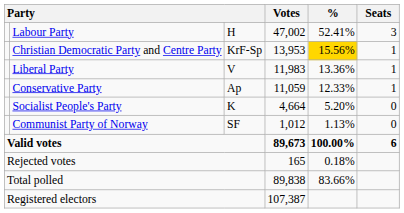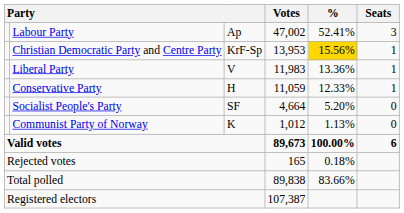 <table class="wikitable" border="1" style="text-align:right;">
 <tr>
 <th style="text-align:left;" colspan=3>Party</th>
 <th align=center width="50">Votes</th>
 <th align=center width="50">%</th>
 <th align=center width="50">Seats</th>
 </tr>
 <tr>
 <td style="color:inherit;background:"></td>
 <td align=left><a href='#'>Labour Party</a></td>
-<td align=left>H</td>
+<td align=left>Ap</td>
 <td>47,002</td>
 <td>52.41%</td>
 <td>3</td>
 </tr>
 <tr>
 <td></td>
 <td align=left><a href='#'>Christian Democratic Party</a> and <a href='#'>Centre Party</a></td>
 <td align=left>KrF-Sp</td>
 <td>13,953</td>
 <td style="background: gold;">15.56%</td>
 <td>1</td>
 </tr>
 <tr>
 <td style="color:inherit;background:"></td>
 <td align=left><a href='#'>Liberal Party</a></td>
 <td align=left>V</td>
 <td>11,983</td>
 <td>13.36%</td>
 <td>1</td>
 </tr>
 <tr>
 <td style="color:inherit;background:"></td>
 <td align=left><a href='#'>Conservative Party</a></td>
-<td align=left>Ap</td>
+<td align=left>H</td>
 <td>11,059</td>
 <td>12.33%</td>
 <td>1</td>
 </tr>
 <tr>
 <td style="color:inherit;background:"></td>
 <td align=left><a href='#'>Socialist People's Party</a></td>
-<td align=left>K</td>
+<td align=left>SF</td>
 <td>4,664</td>
 <td>5.20%</td>
 <td>0</td>
 </tr>
 <tr>
 <td style="color:inherit;background:"></td>
 <td align=left><a href='#'>Communist Party of Norway</a></td>
-<td align=left>SF</td>
+<td align=left>K</td>
 <td>1,012</td>
 <td>1.13%</td>
 <td>0</td>
 </tr>
 <tr style="font-weight:bold">
 <td align=left colspan=3>Valid votes</td>
 <td>89,673</td>
 <td>100.00%</td>
 <td>6</td>
 </tr>
 <tr>
 <td align=left colspan=3>Rejected votes</td>
 <td>165</td>
 <td>0.18%</td>
 <td></td>
 </tr>
 <tr>
 <td align=left colspan=3>Total polled</td>
 <td>89,838</td>
 <td>83.66%</td>
 <td></td>
 </tr>
 <tr>
 <td align=left colspan=3>Registered electors</td>
 <td>107,387</td>
 <td></td>
 <td></td>
 </tr>
 </table>
